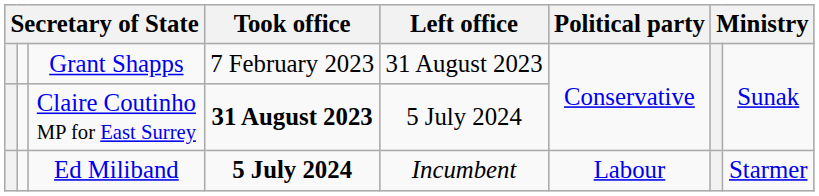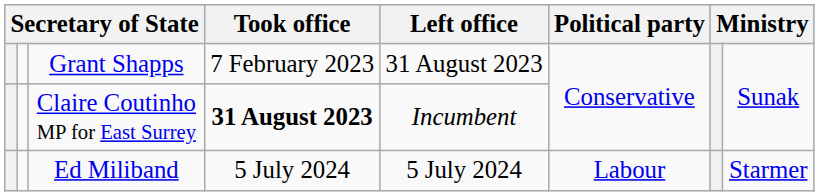 <table class="wikitable" style="text-align:center">
 <tr>
 <th colspan="3">Secretary of State</th>
 <th>Took office</th>
 <th>Left office</th>
 <th>Political party</th>
 <th colspan="2">Ministry</th>
 </tr>
 <tr>
 <th style="background-color:"></th>
 <td></td>
 <td><a href='#'>Grant Shapps</a><br></td>
 <td>7 February 2023</td>
 <td>31 August 2023</td>
 <td rowspan="2"><a href='#'>Conservative</a></td>
 <th rowspan="2" style="background-color:"></th>
 <td rowspan="2"><a href='#'>Sunak</a></td>
 </tr>
 <tr>
 <th style="background-color:"></th>
 <td></td>
 <td><a href='#'>Claire Coutinho</a><br><small>MP for <a href='#'>East Surrey</a></small></td>
 <td><strong>31 August 2023</strong></td>
-<td>5 July 2024</td>
+<td><em>Incumbent</em></td>
 </tr>
 <tr>
 <th style="background-color:"></th>
 <td></td>
 <td><a href='#'>Ed Miliband</a><br></td>
-<td><strong>5 July 2024</strong></td>
-<td><em>Incumbent</em></td>
+<td>5 July 2024</td>
+<td>5 July 2024</td>
 <td><a href='#'>Labour</a></td>
 <th style="background-color:"></th>
 <td><a href='#'>Starmer</a></td>
 </tr>
 </table>
